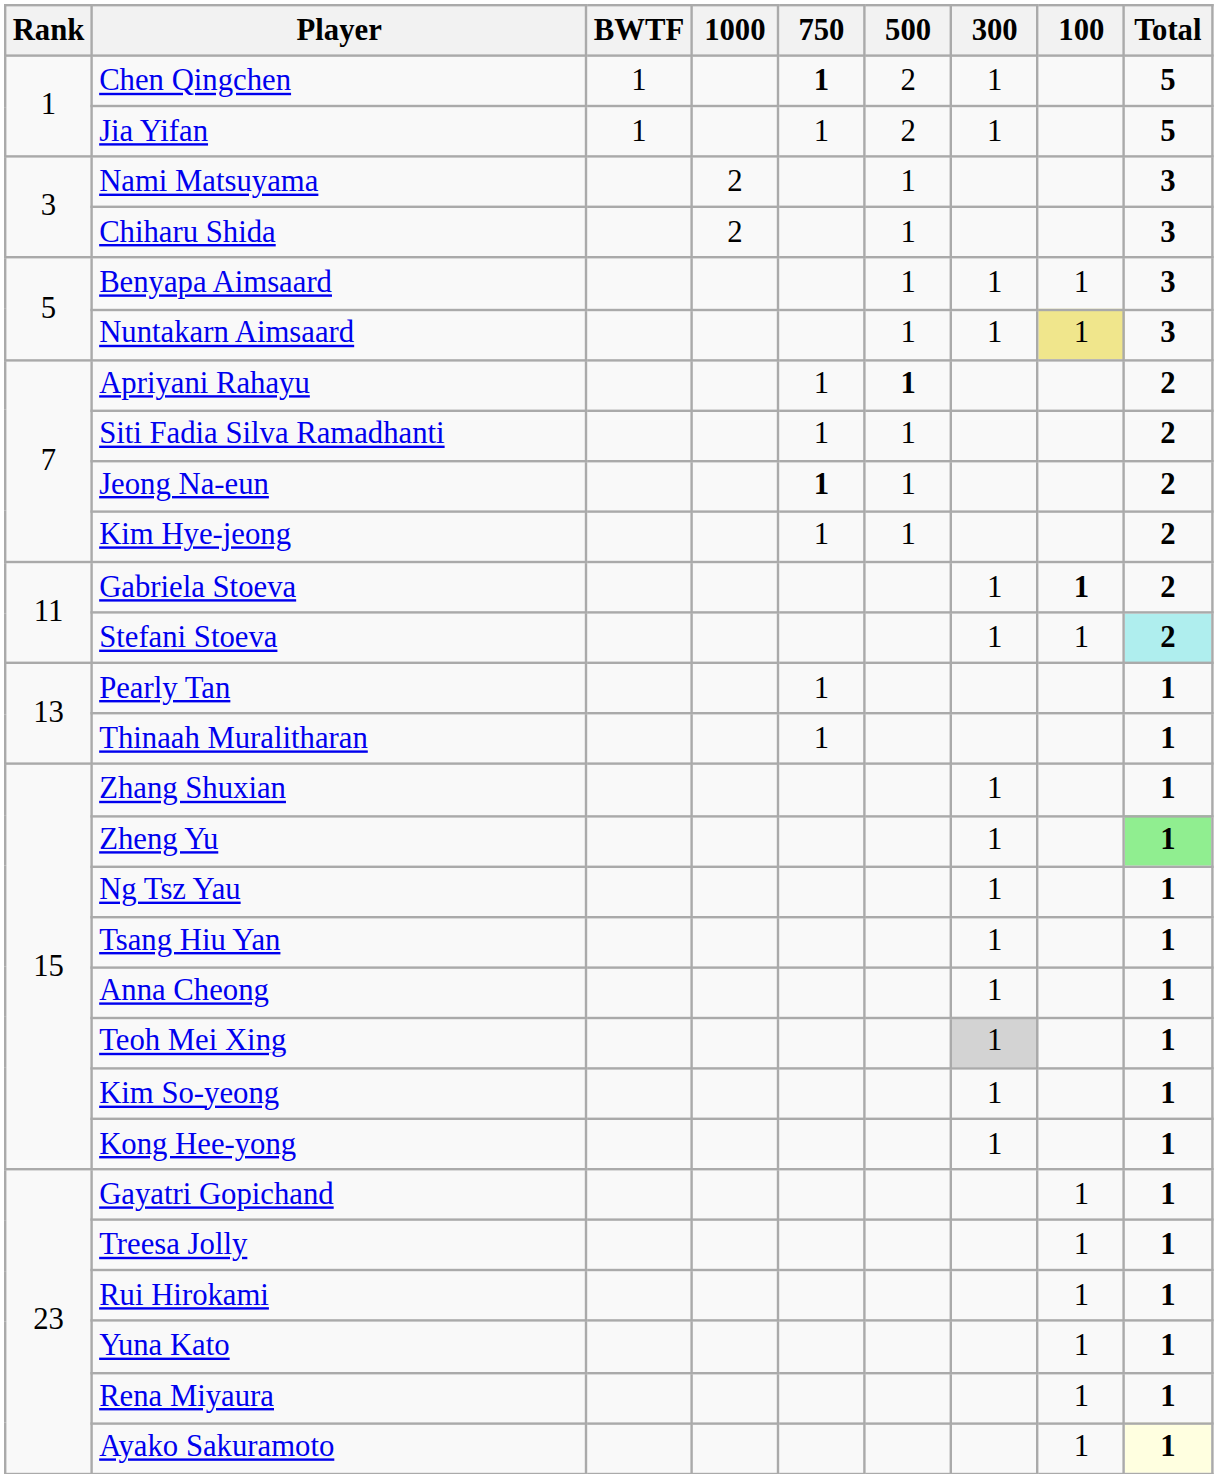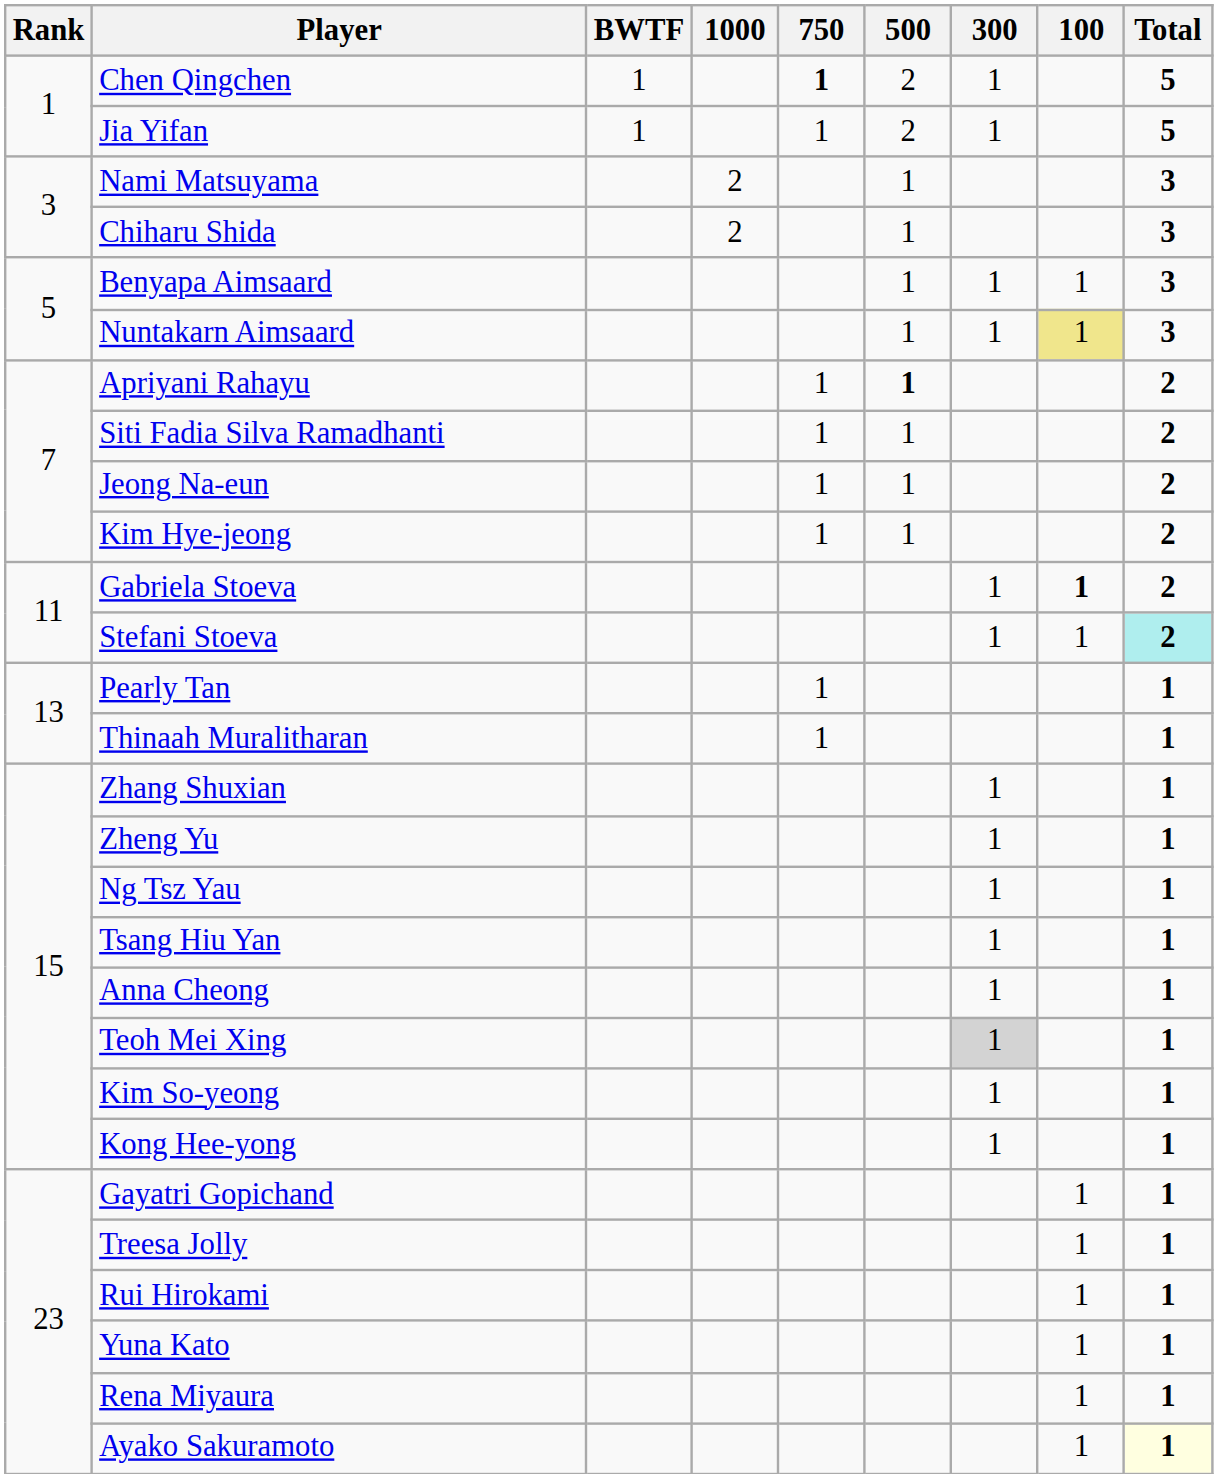 <table class="wikitable" style="font-size:80%; text-align:center">
 <tr>
 <th width="30">Rank</th>
 <th width="200">Player</th>
 <th width="30">BWTF</th>
 <th width="30">1000</th>
 <th width="30">750</th>
 <th width="30">500</th>
 <th width="30">300</th>
 <th width="30">100</th>
 <th width="30">Total</th>
 </tr>
 <tr>
 <td rowspan=2>1</td>
 <td align="left"> <a href='#'>Chen Qingchen</a></td>
 <td>1</td>
 <td></td>
 <td><strong>1</strong></td>
 <td>2</td>
 <td>1</td>
 <td></td>
 <td><strong>5</strong></td>
 </tr>
 <tr>
 <td align="left"> <a href='#'>Jia Yifan</a></td>
 <td>1</td>
 <td></td>
 <td>1</td>
 <td>2</td>
 <td>1</td>
 <td></td>
 <td><strong>5</strong></td>
 </tr>
 <tr>
 <td rowspan=2>3</td>
 <td align="left"> <a href='#'>Nami Matsuyama</a></td>
 <td></td>
 <td>2</td>
 <td></td>
 <td>1</td>
 <td></td>
 <td></td>
 <td><strong>3</strong></td>
 </tr>
 <tr>
 <td align="left"> <a href='#'>Chiharu Shida</a></td>
 <td></td>
 <td>2</td>
 <td></td>
 <td>1</td>
 <td></td>
 <td></td>
 <td><strong>3</strong></td>
 </tr>
 <tr>
 <td rowspan=2>5</td>
 <td align="left"> <a href='#'>Benyapa Aimsaard</a></td>
 <td></td>
 <td></td>
 <td></td>
 <td>1</td>
 <td>1</td>
 <td>1</td>
 <td><strong>3</strong></td>
 </tr>
 <tr>
 <td align="left"> <a href='#'>Nuntakarn Aimsaard</a></td>
 <td></td>
 <td></td>
 <td></td>
 <td>1</td>
 <td>1</td>
 <td style="background: khaki;">1</td>
 <td><strong>3</strong></td>
 </tr>
 <tr>
 <td rowspan=4>7</td>
 <td align="left"> <a href='#'>Apriyani Rahayu</a></td>
 <td></td>
 <td></td>
 <td>1</td>
 <td><strong>1</strong></td>
 <td></td>
 <td></td>
 <td><strong>2</strong></td>
 </tr>
 <tr>
 <td align="left" nowrap> <a href='#'>Siti Fadia Silva Ramadhanti</a></td>
 <td></td>
 <td></td>
 <td>1</td>
 <td>1</td>
 <td></td>
 <td></td>
 <td><strong>2</strong></td>
 </tr>
 <tr>
 <td align="left"> <a href='#'>Jeong Na-eun</a></td>
 <td></td>
 <td></td>
-<td><strong>1</strong></td>
+<td>1</td>
 <td>1</td>
 <td></td>
 <td></td>
 <td><strong>2</strong></td>
 </tr>
 <tr>
 <td align="left"> <a href='#'>Kim Hye-jeong</a></td>
 <td></td>
 <td></td>
 <td>1</td>
 <td>1</td>
 <td></td>
 <td></td>
 <td><strong>2</strong></td>
 </tr>
 <tr>
 <td rowspan=2>11</td>
 <td align="left"> <a href='#'>Gabriela Stoeva</a></td>
 <td></td>
 <td></td>
 <td></td>
 <td></td>
 <td>1</td>
 <td><strong>1</strong></td>
 <td><strong>2</strong></td>
 </tr>
 <tr>
 <td align="left"> <a href='#'>Stefani Stoeva</a></td>
 <td></td>
 <td></td>
 <td></td>
 <td></td>
 <td>1</td>
 <td>1</td>
 <td style="background: paleturquoise;"><strong>2</strong></td>
 </tr>
 <tr>
 <td rowspan=2>13</td>
 <td align="left"> <a href='#'>Pearly Tan</a></td>
 <td></td>
 <td></td>
 <td>1</td>
 <td></td>
 <td></td>
 <td></td>
 <td><strong>1</strong></td>
 </tr>
 <tr>
 <td align="left"> <a href='#'>Thinaah Muralitharan</a></td>
 <td></td>
 <td></td>
 <td>1</td>
 <td></td>
 <td></td>
 <td></td>
 <td><strong>1</strong></td>
 </tr>
 <tr>
 <td rowspan=8>15</td>
 <td align="left"> <a href='#'>Zhang Shuxian</a></td>
 <td></td>
 <td></td>
 <td></td>
 <td></td>
 <td>1</td>
 <td></td>
 <td><strong>1</strong></td>
 </tr>
 <tr>
 <td align="left"> <a href='#'>Zheng Yu</a></td>
 <td></td>
 <td></td>
 <td></td>
 <td></td>
 <td>1</td>
 <td></td>
-<td style="background: lightgreen;"><strong>1</strong></td>
+<td><strong>1</strong></td>
 </tr>
 <tr>
 <td align="left"> <a href='#'>Ng Tsz Yau</a></td>
 <td></td>
 <td></td>
 <td></td>
 <td></td>
 <td>1</td>
 <td></td>
 <td><strong>1</strong></td>
 </tr>
 <tr>
 <td align="left"> <a href='#'>Tsang Hiu Yan</a></td>
 <td></td>
 <td></td>
 <td></td>
 <td></td>
 <td>1</td>
 <td></td>
 <td><strong>1</strong></td>
 </tr>
 <tr>
 <td align="left"> <a href='#'>Anna Cheong</a></td>
 <td></td>
 <td></td>
 <td></td>
 <td></td>
 <td>1</td>
 <td></td>
 <td><strong>1</strong></td>
 </tr>
 <tr>
 <td align="left"> <a href='#'>Teoh Mei Xing</a></td>
 <td></td>
 <td></td>
 <td></td>
 <td></td>
 <td style="background: lightgrey;">1</td>
 <td></td>
 <td><strong>1</strong></td>
 </tr>
 <tr>
 <td align="left"> <a href='#'>Kim So-yeong</a></td>
 <td></td>
 <td></td>
 <td></td>
 <td></td>
 <td>1</td>
 <td></td>
 <td><strong>1</strong></td>
 </tr>
 <tr>
 <td align="left"> <a href='#'>Kong Hee-yong</a></td>
 <td></td>
 <td></td>
 <td></td>
 <td></td>
 <td>1</td>
 <td></td>
 <td><strong>1</strong></td>
 </tr>
 <tr>
 <td rowspan=6>23</td>
 <td align="left"> <a href='#'>Gayatri Gopichand</a></td>
 <td></td>
 <td></td>
 <td></td>
 <td></td>
 <td></td>
 <td>1</td>
 <td><strong>1</strong></td>
 </tr>
 <tr>
 <td align="left"> <a href='#'>Treesa Jolly</a></td>
 <td></td>
 <td></td>
 <td></td>
 <td></td>
 <td></td>
 <td>1</td>
 <td><strong>1</strong></td>
 </tr>
 <tr>
 <td align="left"> <a href='#'>Rui Hirokami</a></td>
 <td></td>
 <td></td>
 <td></td>
 <td></td>
 <td></td>
 <td>1</td>
 <td><strong>1</strong></td>
 </tr>
 <tr>
 <td align="left"> <a href='#'>Yuna Kato</a></td>
 <td></td>
 <td></td>
 <td></td>
 <td></td>
 <td></td>
 <td>1</td>
 <td><strong>1</strong></td>
 </tr>
 <tr>
 <td align="left"> <a href='#'>Rena Miyaura</a></td>
 <td></td>
 <td></td>
 <td></td>
 <td></td>
 <td></td>
 <td>1</td>
 <td><strong>1</strong></td>
 </tr>
 <tr>
 <td align="left"> <a href='#'>Ayako Sakuramoto</a></td>
 <td></td>
 <td></td>
 <td></td>
 <td></td>
 <td></td>
 <td>1</td>
 <td style="background: lightyellow;"><strong>1</strong></td>
 </tr>
 </table>
